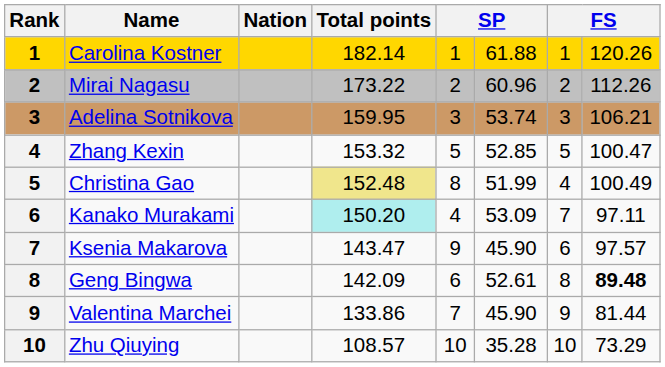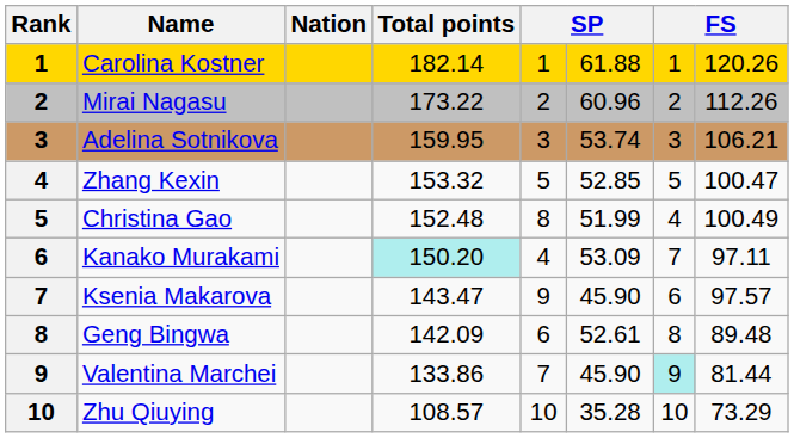 <table class="wikitable sortable">
 <tr>
 <th>Rank</th>
 <th>Name</th>
 <th>Nation</th>
 <th>Total points</th>
 <th colspan="2" width="80px"><a href='#'>SP</a></th>
 <th colspan="2" width="80px"><a href='#'>FS</a></th>
 </tr>
 <tr bgcolor="gold">
 <td align="center"><strong>1</strong></td>
 <td><a href='#'>Carolina Kostner</a></td>
 <td></td>
 <td align="center">182.14</td>
 <td align="center">1</td>
 <td align="center">61.88</td>
 <td align="center">1</td>
 <td align="center">120.26</td>
 </tr>
 <tr bgcolor="silver">
 <td align="center"><strong>2</strong></td>
 <td><a href='#'>Mirai Nagasu</a></td>
 <td></td>
 <td align="center">173.22</td>
 <td align="center">2</td>
 <td align="center">60.96</td>
 <td align="center">2</td>
 <td align="center">112.26</td>
 </tr>
 <tr bgcolor="cc9966">
 <td align="center"><strong>3</strong></td>
 <td><a href='#'>Adelina Sotnikova</a></td>
 <td></td>
 <td align="center">159.95</td>
 <td align="center">3</td>
 <td align="center">53.74</td>
 <td align="center">3</td>
 <td align="center">106.21</td>
 </tr>
 <tr>
 <th>4</th>
 <td><a href='#'>Zhang Kexin</a></td>
 <td></td>
 <td align="center">153.32</td>
 <td align="center">5</td>
 <td align="center">52.85</td>
 <td align="center">5</td>
 <td align="center">100.47</td>
 </tr>
 <tr>
 <th>5</th>
 <td><a href='#'>Christina Gao</a></td>
 <td></td>
-<td align="center" style="background: khaki;">152.48</td>
+<td align="center">152.48</td>
 <td align="center">8</td>
 <td align="center">51.99</td>
 <td align="center">4</td>
 <td align="center">100.49</td>
 </tr>
 <tr>
 <th>6</th>
 <td><a href='#'>Kanako Murakami</a></td>
 <td></td>
 <td align="center" style="background: paleturquoise;">150.20</td>
 <td align="center">4</td>
 <td align="center">53.09</td>
 <td align="center">7</td>
 <td align="center">97.11</td>
 </tr>
 <tr>
 <th>7</th>
 <td><a href='#'>Ksenia Makarova</a></td>
 <td></td>
 <td align="center">143.47</td>
 <td align="center">9</td>
 <td align="center">45.90</td>
 <td align="center">6</td>
 <td align="center">97.57</td>
 </tr>
 <tr>
 <th>8</th>
 <td><a href='#'>Geng Bingwa</a></td>
 <td></td>
 <td align="center">142.09</td>
 <td align="center">6</td>
 <td align="center">52.61</td>
 <td align="center">8</td>
-<td align="center"><strong>89.48</strong></td>
+<td align="center">89.48</td>
 </tr>
 <tr>
 <th>9</th>
 <td><a href='#'>Valentina Marchei</a></td>
 <td></td>
 <td align="center">133.86</td>
 <td align="center">7</td>
 <td align="center">45.90</td>
-<td align="center">9</td>
+<td align="center" style="background: paleturquoise;">9</td>
 <td align="center">81.44</td>
 </tr>
 <tr>
 <th>10</th>
 <td><a href='#'>Zhu Qiuying</a></td>
 <td></td>
 <td align="center">108.57</td>
 <td align="center">10</td>
 <td align="center">35.28</td>
 <td align="center">10</td>
 <td align="center">73.29</td>
 </tr>
 </table>
